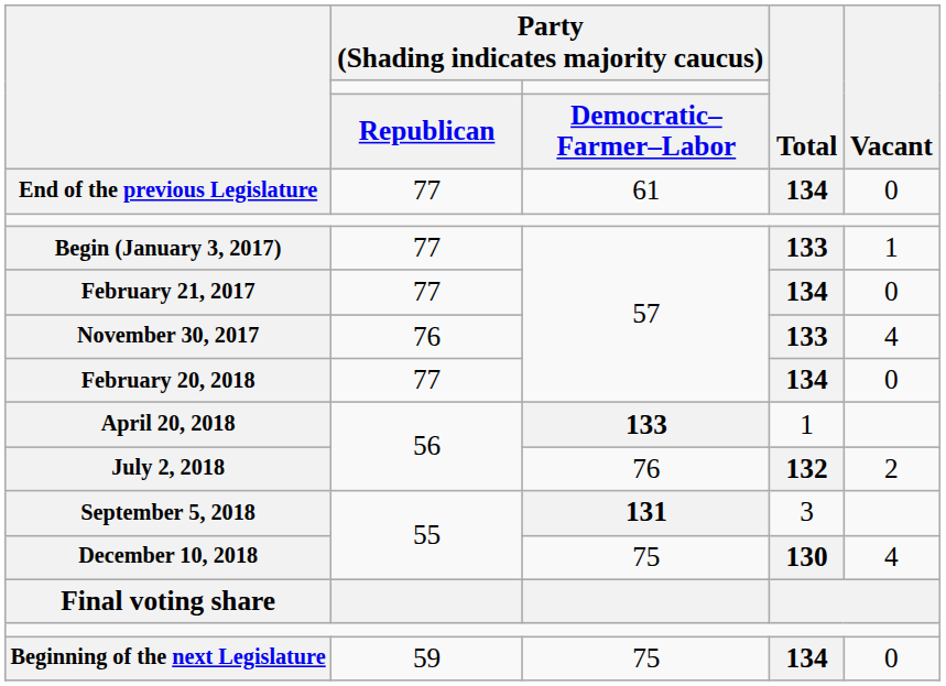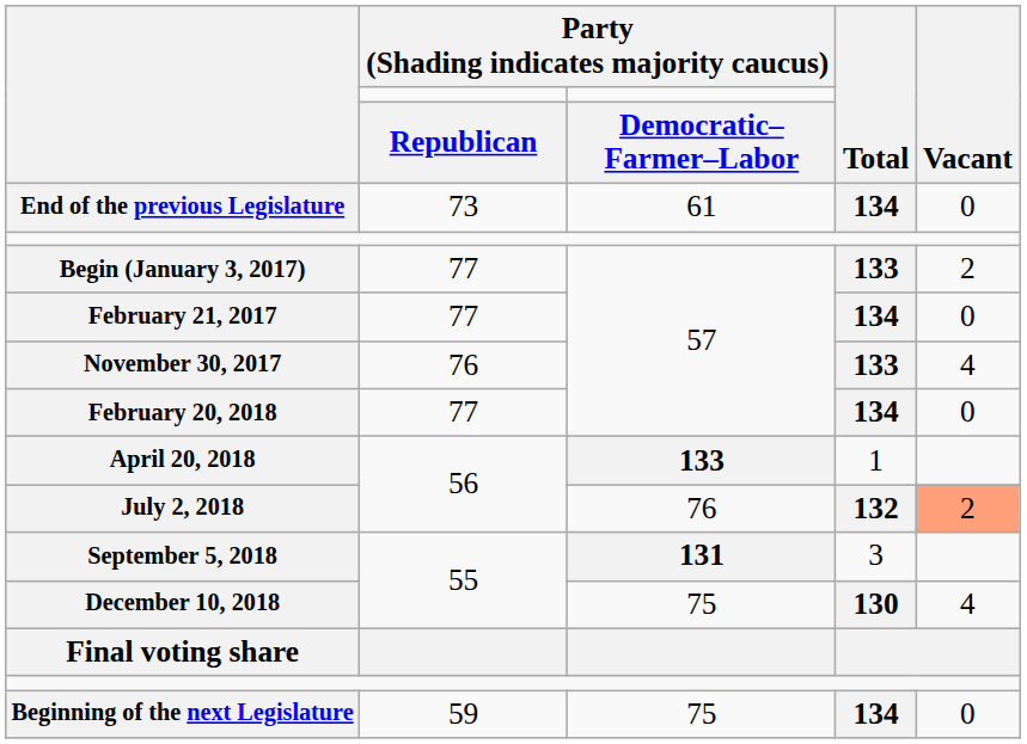 <table class=wikitable style="text-align:center">
 <tr style="vertical-align:bottom;">
 <th rowspan=3></th>
 <th colspan=2>Party <div>(Shading indicates majority caucus)</div></th>
 <th rowspan=3>Total</th>
 <th rowspan=3>Vacant</th>
 </tr>
 <tr>
 <td style="background-color:"></td>
 <td style="background-color:"></td>
 </tr>
 <tr>
 <th><a href='#'>Republican</a></th>
 <th><a href='#'>Democratic–<br>Farmer–Labor</a></th>
 </tr>
 <tr>
 <th nowrap style="font-size:80%">End of the <a href='#'>previous Legislature</a></th>
-<td>77</td>
+<td>73</td>
 <td>61</td>
 <th>134</th>
 <td>0</td>
 </tr>
 <tr>
 <td colspan=5></td>
 </tr>
 <tr>
 <th nowrap style="font-size:80%">Begin (January 3, 2017)</th>
 <td>77</td>
 <td rowspan="4">57</td>
 <th>133</th>
-<td>1</td>
+<td>2</td>
 </tr>
 <tr>
 <th nowrap style="font-size:80%">February 21, 2017</th>
 <td>77</td>
 <th>134</th>
 <td>0</td>
 </tr>
 <tr>
 <th nowrap style="font-size:80%">November 30, 2017</th>
 <td>76</td>
 <th>133</th>
 <td>4</td>
 </tr>
 <tr>
 <th nowrap style="font-size:80%">February 20, 2018</th>
 <td>77</td>
 <th>134</th>
 <td>0</td>
 </tr>
 <tr>
 <th nowrap style="font-size:80%">April 20, 2018</th>
 <td rowspan="2">56</td>
 <th>133</th>
 <td>1</td>
 </tr>
 <tr>
 <th nowrap style="font-size:80%">July 2, 2018</th>
 <td>76</td>
 <th>132</th>
-<td>2</td>
+<td style="background: lightsalmon;">2</td>
 </tr>
 <tr>
 <th nowrap style="font-size:80%">September 5, 2018</th>
 <td rowspan="2">55</td>
 <th>131</th>
 <td>3</td>
 </tr>
 <tr>
 <th nowrap style="font-size:80%">December 10, 2018</th>
 <td>75</td>
 <th>130</th>
 <td>4</td>
 </tr>
 <tr>
 <th>Final voting share</th>
 <th></th>
 <th></th>
 <th colspan="2"></th>
 </tr>
 <tr>
 <td colspan="5"></td>
 </tr>
 <tr>
 <th nowrap style="font-size:80%">Beginning of the <a href='#'>next Legislature</a></th>
 <td>59</td>
 <td>75</td>
 <th>134</th>
 <td>0</td>
 </tr>
 </table>
